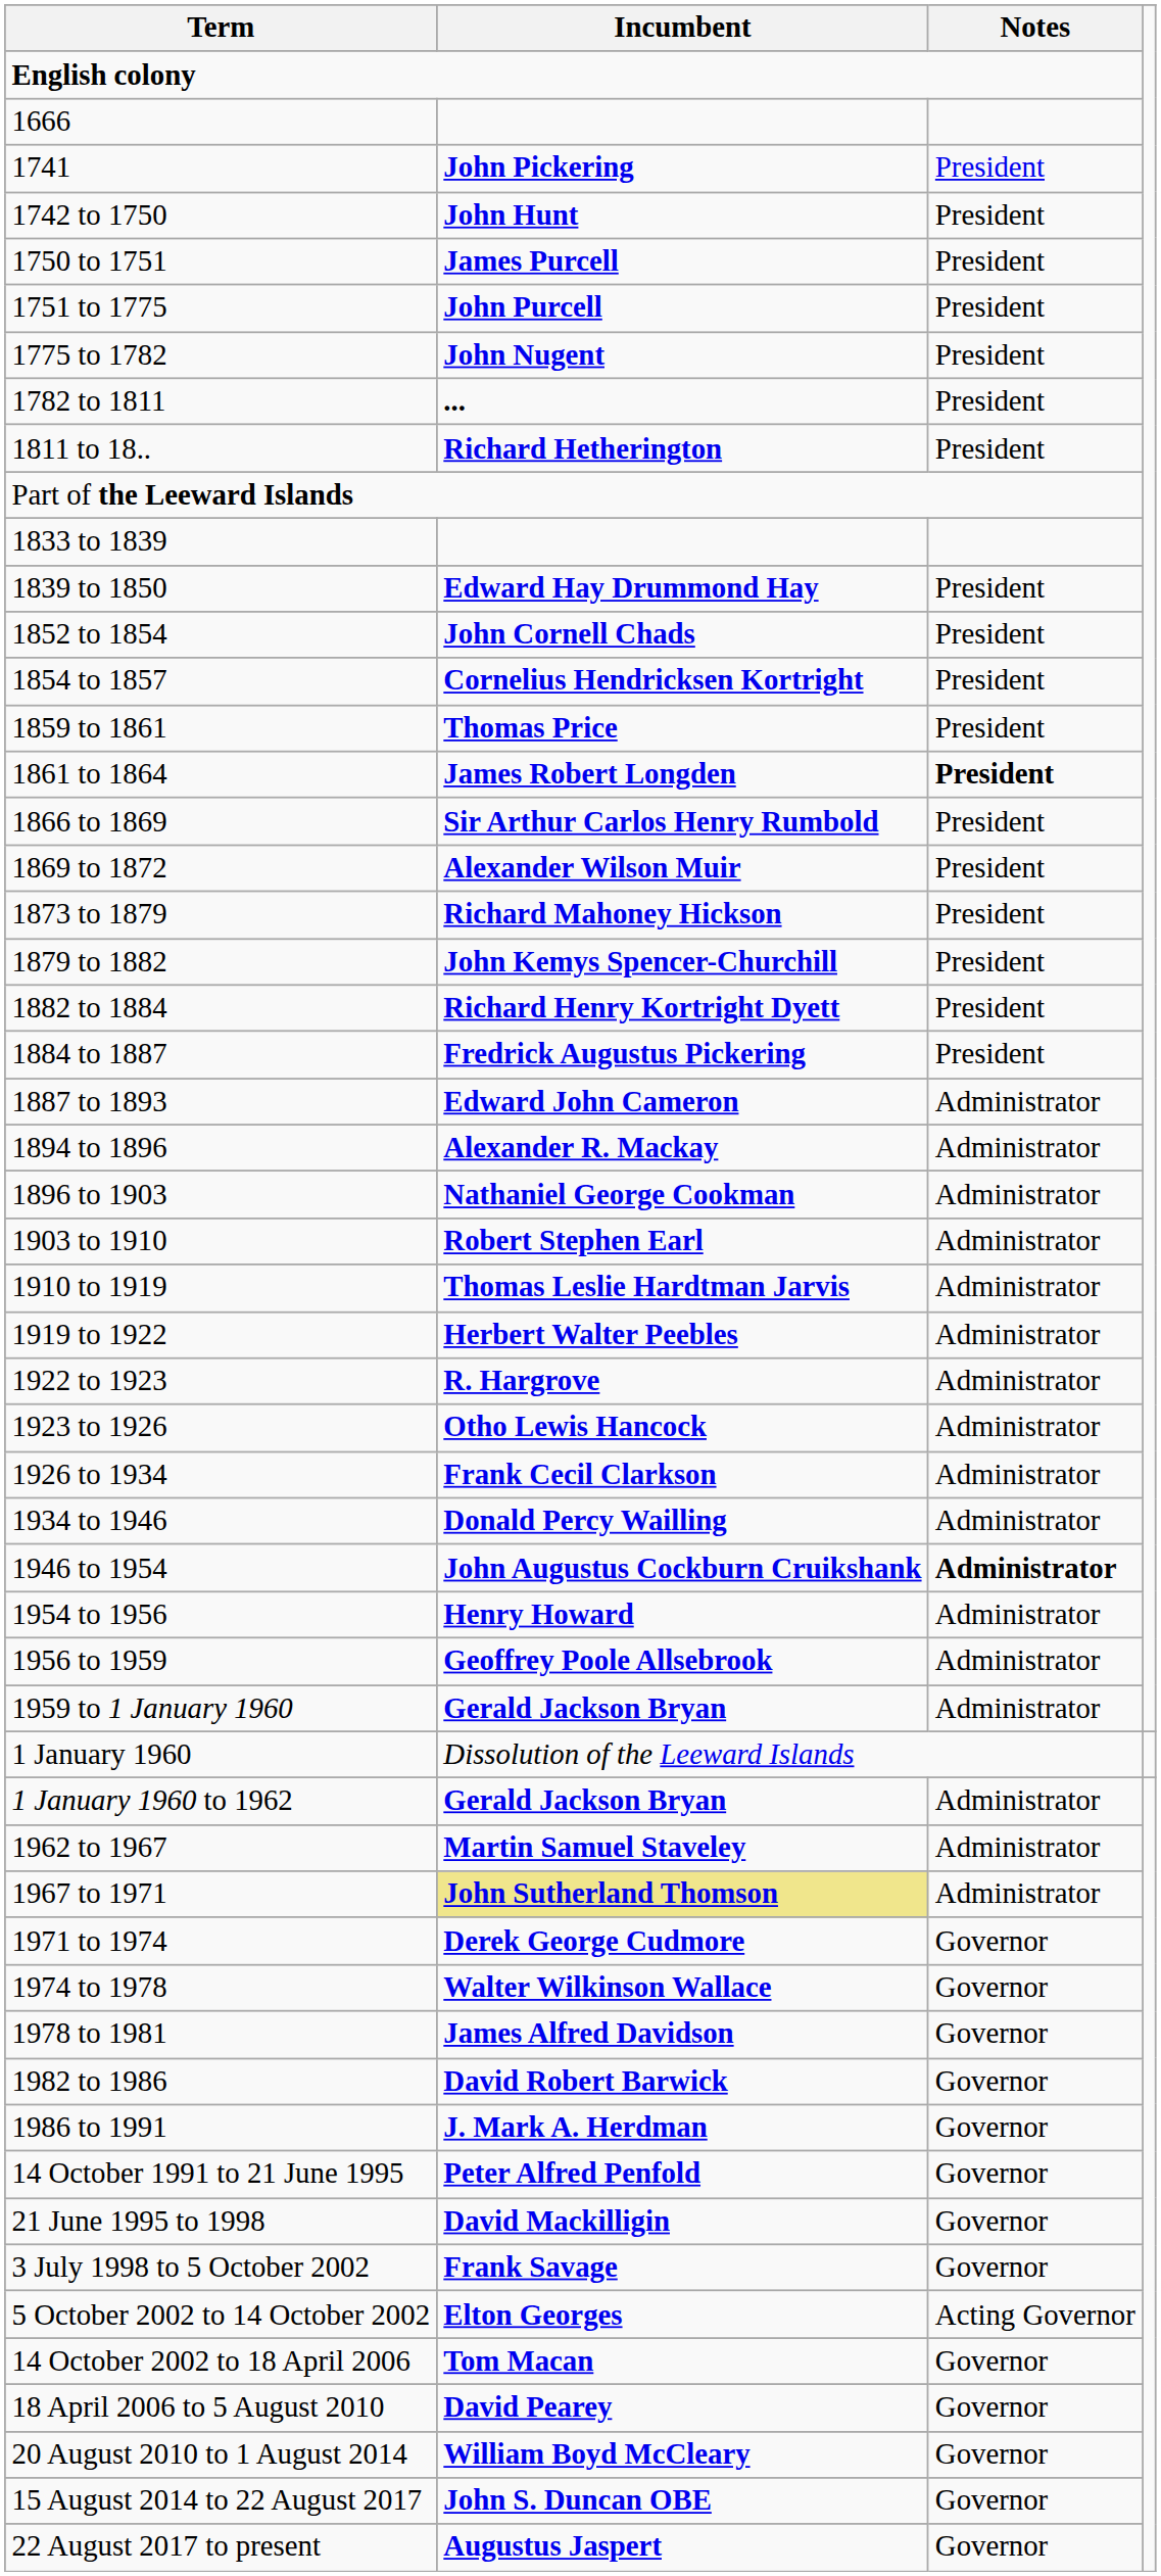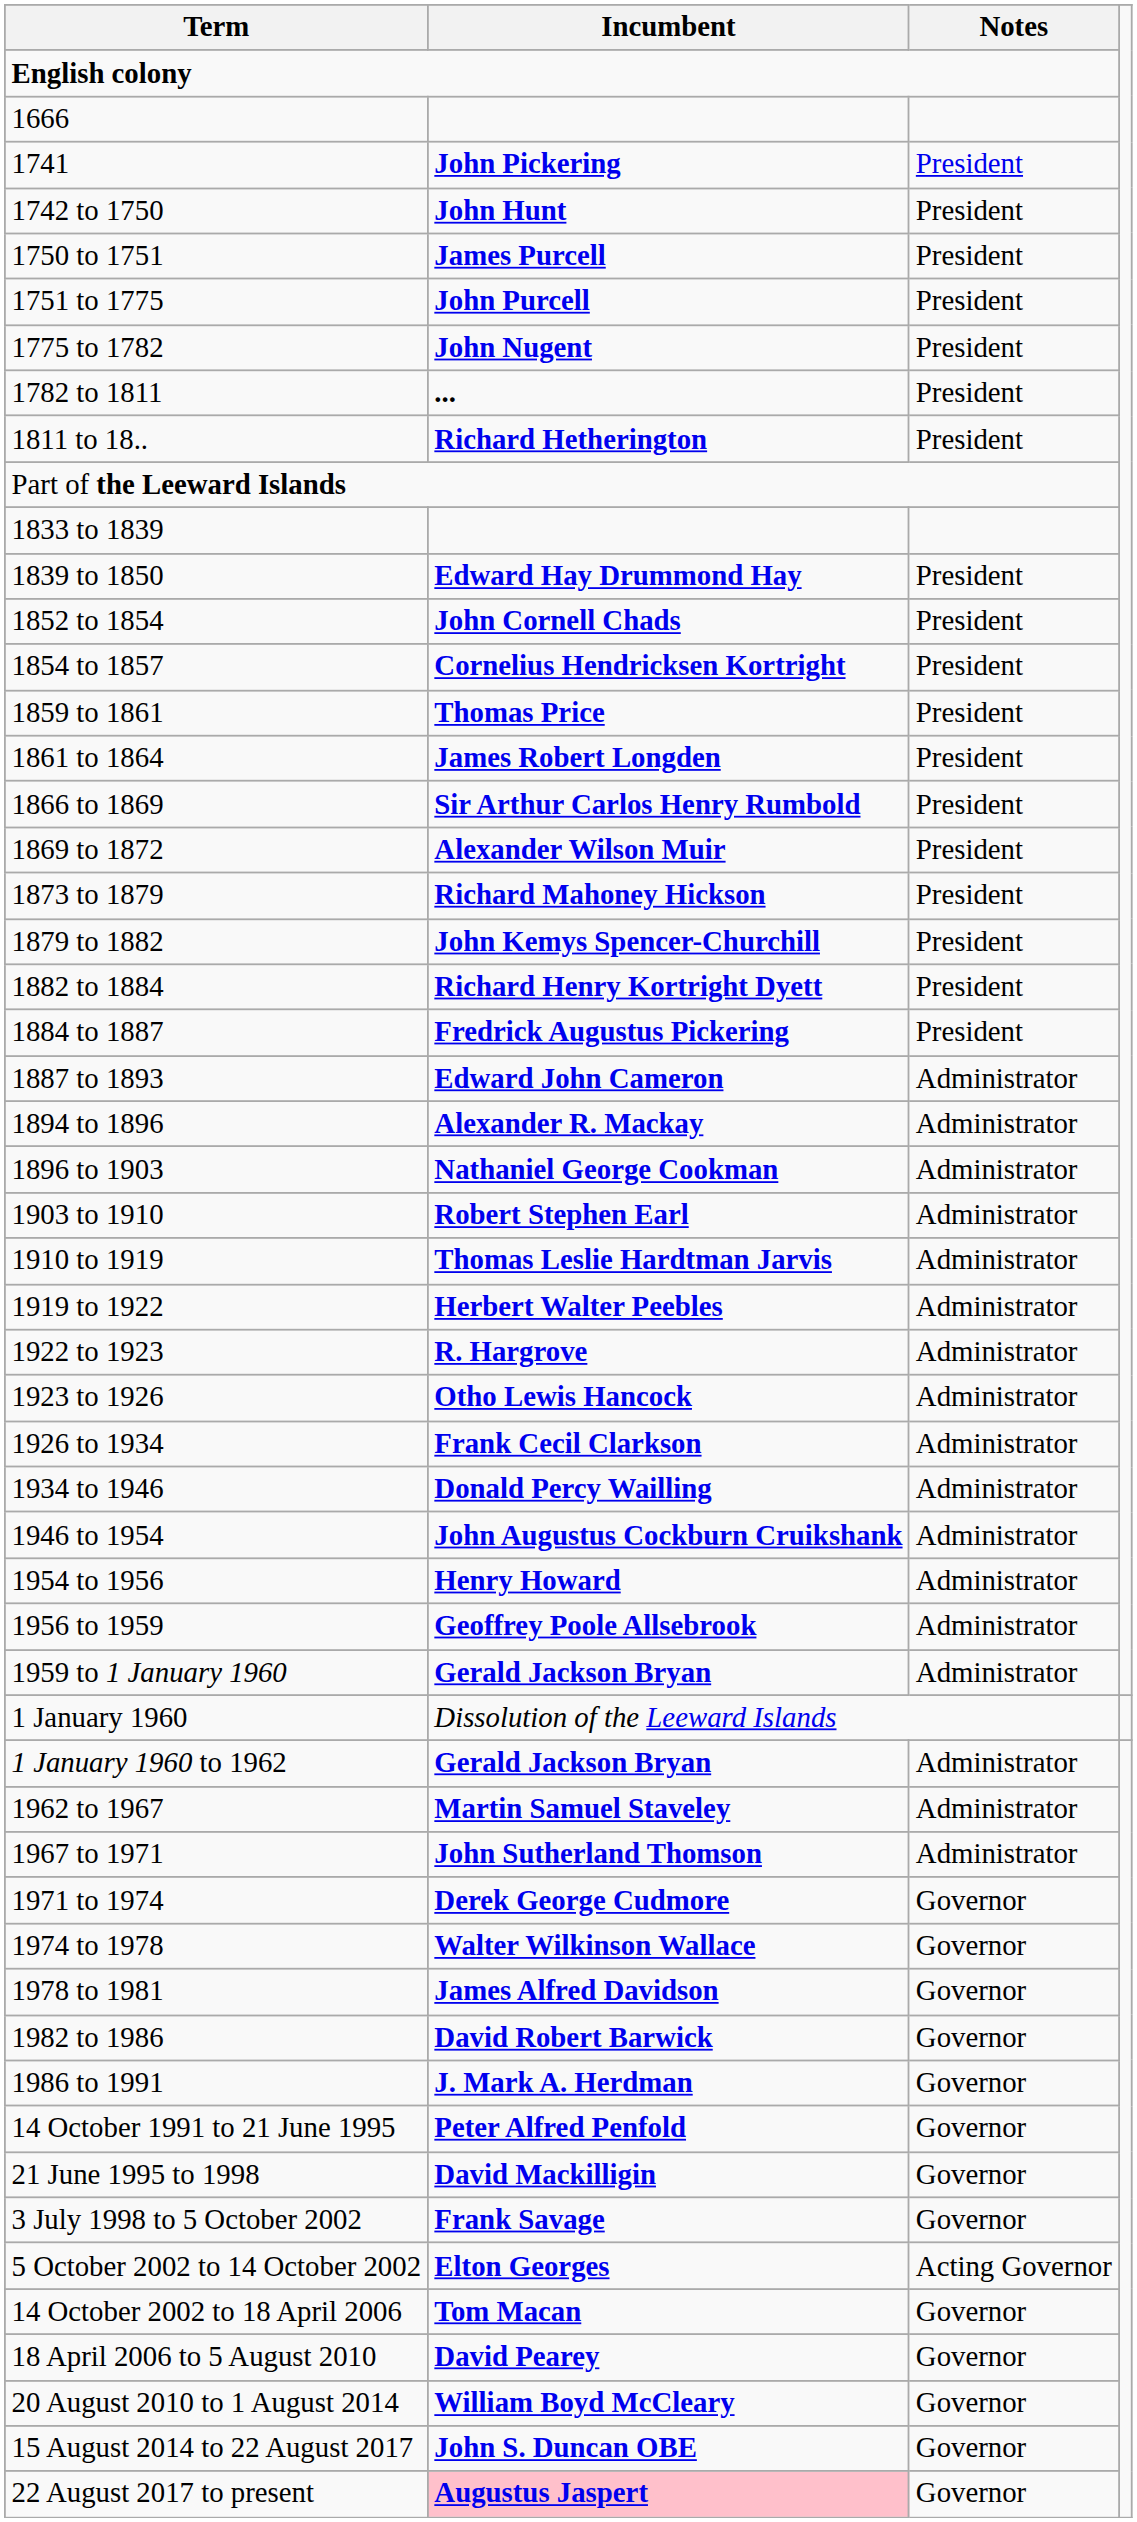 <table class="wikitable">
 <tr>
 <th>Term</th>
 <th>Incumbent</th>
 <th>Notes</th>
 </tr>
 <tr>
 <td colspan = "3"><strong>English colony</strong></td>
 </tr>
 <tr>
 <td>1666</td>
 <td></td>
 <td></td>
 </tr>
 <tr>
 <td>1741</td>
 <td><strong><a href='#'>John Pickering</a></strong></td>
 <td><a href='#'>President</a></td>
 </tr>
 <tr>
 <td>1742 to 1750</td>
 <td><strong><a href='#'>John Hunt</a></strong></td>
 <td>President</td>
 </tr>
 <tr>
 <td>1750 to 1751</td>
 <td><strong><a href='#'>James Purcell</a></strong></td>
 <td>President</td>
 </tr>
 <tr>
 <td>1751 to 1775</td>
 <td><strong><a href='#'>John Purcell</a></strong></td>
 <td>President</td>
 </tr>
 <tr>
 <td>1775 to 1782</td>
 <td><strong><a href='#'>John Nugent</a></strong></td>
 <td>President</td>
 </tr>
 <tr>
 <td>1782 to 1811</td>
 <td><strong>...</strong></td>
 <td>President</td>
 </tr>
 <tr>
 <td>1811 to 18..</td>
 <td><strong><a href='#'>Richard Hetherington</a></strong></td>
 <td>President</td>
 </tr>
 <tr>
 <td colspan = "3">Part of <strong>the Leeward Islands</strong></td>
 </tr>
 <tr>
 <td>1833 to 1839</td>
 <td></td>
 <td></td>
 </tr>
 <tr>
 <td>1839 to 1850</td>
 <td><strong><a href='#'>Edward Hay Drummond Hay</a></strong></td>
 <td>President</td>
 </tr>
 <tr>
 <td>1852 to 1854</td>
 <td><strong><a href='#'>John Cornell Chads</a></strong></td>
 <td>President</td>
 </tr>
 <tr>
 <td>1854 to 1857</td>
 <td><strong><a href='#'>Cornelius Hendricksen Kortright</a></strong></td>
 <td>President</td>
 </tr>
 <tr>
 <td>1859 to 1861</td>
 <td><strong><a href='#'>Thomas Price</a></strong></td>
 <td>President</td>
 </tr>
 <tr>
 <td>1861 to 1864</td>
 <td><strong><a href='#'>James Robert Longden</a></strong></td>
-<td><strong>President</strong></td>
+<td>President</td>
 </tr>
 <tr>
 <td>1866 to 1869</td>
 <td><strong><a href='#'>Sir Arthur Carlos Henry Rumbold</a></strong></td>
 <td>President</td>
 </tr>
 <tr>
 <td>1869 to 1872</td>
 <td><strong><a href='#'>Alexander Wilson Muir</a></strong></td>
 <td>President</td>
 </tr>
 <tr>
 <td>1873 to 1879</td>
 <td><strong><a href='#'>Richard Mahoney Hickson</a></strong></td>
 <td>President</td>
 </tr>
 <tr>
 <td>1879 to 1882</td>
 <td><strong><a href='#'>John Kemys Spencer-Churchill</a></strong></td>
 <td>President</td>
 </tr>
 <tr>
 <td>1882 to 1884</td>
 <td><strong><a href='#'>Richard Henry Kortright Dyett</a></strong></td>
 <td>President</td>
 </tr>
 <tr>
 <td>1884 to 1887</td>
 <td><strong><a href='#'>Fredrick Augustus Pickering</a></strong></td>
 <td>President</td>
 </tr>
 <tr>
 <td>1887 to 1893</td>
 <td><strong><a href='#'>Edward John Cameron</a></strong></td>
 <td>Administrator</td>
 </tr>
 <tr>
 <td>1894 to 1896</td>
 <td><strong><a href='#'>Alexander R. Mackay</a></strong></td>
 <td>Administrator</td>
 </tr>
 <tr>
 <td>1896 to 1903</td>
 <td><strong><a href='#'>Nathaniel George Cookman</a></strong></td>
 <td>Administrator</td>
 </tr>
 <tr>
 <td>1903 to 1910</td>
 <td><strong><a href='#'>Robert Stephen Earl</a></strong></td>
 <td>Administrator</td>
 </tr>
 <tr>
 <td>1910 to 1919</td>
 <td><strong><a href='#'>Thomas Leslie Hardtman Jarvis</a></strong></td>
 <td>Administrator</td>
 </tr>
 <tr>
 <td>1919 to 1922</td>
 <td><strong><a href='#'>Herbert Walter Peebles</a></strong></td>
 <td>Administrator</td>
 </tr>
 <tr>
 <td>1922 to 1923</td>
 <td><strong><a href='#'>R. Hargrove</a></strong></td>
 <td>Administrator</td>
 </tr>
 <tr>
 <td>1923 to 1926</td>
 <td><strong><a href='#'>Otho Lewis Hancock</a></strong></td>
 <td>Administrator</td>
 </tr>
 <tr>
 <td>1926 to 1934</td>
 <td><strong><a href='#'>Frank Cecil Clarkson</a></strong></td>
 <td>Administrator</td>
 </tr>
 <tr>
 <td>1934 to 1946</td>
 <td><strong><a href='#'>Donald Percy Wailling</a></strong></td>
 <td>Administrator</td>
 </tr>
 <tr>
 <td>1946 to 1954</td>
 <td><strong><a href='#'>John Augustus Cockburn Cruikshank</a></strong></td>
-<td><strong>Administrator</strong></td>
+<td>Administrator</td>
 </tr>
 <tr>
 <td>1954 to 1956</td>
 <td><strong><a href='#'>Henry Howard</a></strong></td>
 <td>Administrator</td>
 </tr>
 <tr>
 <td>1956 to 1959</td>
 <td><strong><a href='#'>Geoffrey Poole Allsebrook</a></strong></td>
 <td>Administrator</td>
 </tr>
 <tr>
 <td>1959 to <em>1 January 1960</em></td>
 <td><strong><a href='#'>Gerald Jackson Bryan</a></strong></td>
 <td>Administrator</td>
 </tr>
 <tr>
 <td>1 January 1960</td>
 <td colspan = "3"><em>Dissolution of the <a href='#'>Leeward Islands</a></em></td>
 <td></td>
 </tr>
 <tr>
 <td><em>1 January 1960</em> to 1962</td>
 <td><strong><a href='#'>Gerald Jackson Bryan</a></strong></td>
 <td>Administrator</td>
 </tr>
 <tr>
 <td>1962 to 1967</td>
 <td><strong><a href='#'>Martin Samuel Staveley</a></strong></td>
 <td>Administrator</td>
 </tr>
 <tr>
 <td>1967 to 1971</td>
-<td style="background: khaki;"><strong><a href='#'>John Sutherland Thomson</a></strong></td>
+<td><strong><a href='#'>John Sutherland Thomson</a></strong></td>
 <td>Administrator</td>
 </tr>
 <tr>
 <td>1971 to 1974</td>
 <td><strong><a href='#'>Derek George Cudmore</a></strong></td>
 <td>Governor</td>
 </tr>
 <tr>
 <td>1974 to 1978</td>
 <td><strong><a href='#'>Walter Wilkinson Wallace</a></strong></td>
 <td>Governor</td>
 </tr>
 <tr>
 <td>1978 to 1981</td>
 <td><strong><a href='#'>James Alfred Davidson</a></strong></td>
 <td>Governor</td>
 </tr>
 <tr>
 <td>1982 to 1986</td>
 <td><strong><a href='#'>David Robert Barwick</a></strong></td>
 <td>Governor</td>
 </tr>
 <tr>
 <td>1986 to 1991</td>
 <td><strong><a href='#'>J. Mark A. Herdman</a></strong></td>
 <td>Governor</td>
 </tr>
 <tr>
 <td>14 October 1991 to 21 June 1995</td>
 <td><strong><a href='#'>Peter Alfred Penfold</a></strong></td>
 <td>Governor</td>
 </tr>
 <tr>
 <td>21 June 1995 to 1998</td>
 <td><strong><a href='#'>David Mackilligin</a></strong></td>
 <td>Governor</td>
 </tr>
 <tr>
 <td>3 July 1998 to 5 October 2002</td>
 <td><strong><a href='#'>Frank Savage</a></strong></td>
 <td>Governor</td>
 </tr>
 <tr>
 <td>5 October 2002 to 14 October 2002</td>
 <td><strong><a href='#'>Elton Georges</a></strong></td>
 <td>Acting Governor</td>
 </tr>
 <tr>
 <td>14 October 2002 to 18 April 2006</td>
 <td><strong><a href='#'>Tom Macan</a></strong></td>
 <td>Governor</td>
 </tr>
 <tr>
 <td>18 April 2006 to 5 August 2010</td>
 <td><strong><a href='#'>David Pearey</a></strong></td>
 <td>Governor</td>
 </tr>
 <tr>
 <td>20 August 2010 to 1 August 2014</td>
 <td><strong><a href='#'>William Boyd McCleary</a></strong></td>
 <td>Governor</td>
 </tr>
 <tr>
 <td>15 August 2014 to 22 August 2017</td>
 <td><strong><a href='#'>John S. Duncan OBE</a></strong></td>
 <td>Governor</td>
 </tr>
 <tr>
 <td>22 August 2017 to present</td>
-<td><strong><a href='#'>Augustus Jaspert</a></strong></td>
+<td style="background: pink;"><strong><a href='#'>Augustus Jaspert</a></strong></td>
 <td>Governor</td>
 </tr>
 </table>
